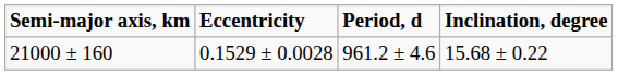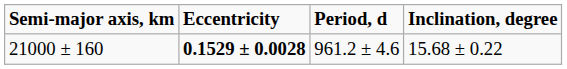 <table class="wikitable">
 <tr style="font-weight:bold;">
 <td>Semi-major axis, km</td>
 <td>Eccentricity</td>
 <td>Period, d</td>
 <td>Inclination, degree</td>
 </tr>
 <tr>
 <td>21000 ± 160</td>
-<td>0.1529 ± 0.0028</td>
+<td><strong>0.1529 ± 0.0028</strong></td>
 <td>961.2 ± 4.6</td>
 <td>15.68 ± 0.22</td>
 </tr>
 </table>
